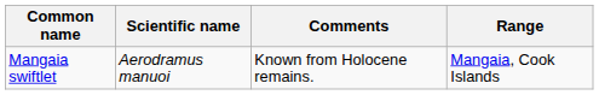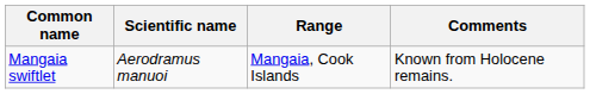 <table class="wikitable">
 <tr>
 <th>Common name</th>
 <th>Scientific name</th>
+<th>Range</th>
 <th class="unsortable">Comments</th>
-<th>Range</th>
 </tr>
 <tr>
 <td><a href='#'>Mangaia swiftlet</a></td>
 <td><em>Aerodramus manuoi</em></td>
+<td><a href='#'>Mangaia</a>, Cook Islands</td>
 <td>Known from Holocene remains.</td>
-<td><a href='#'>Mangaia</a>, Cook Islands</td>
 </tr>
 </table>
